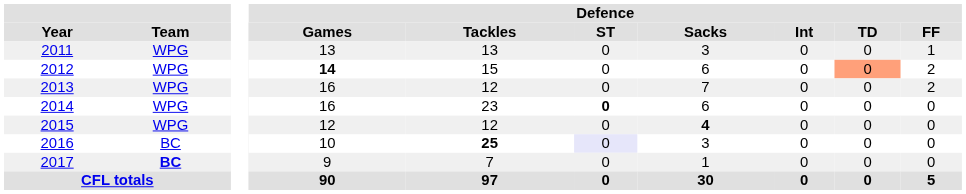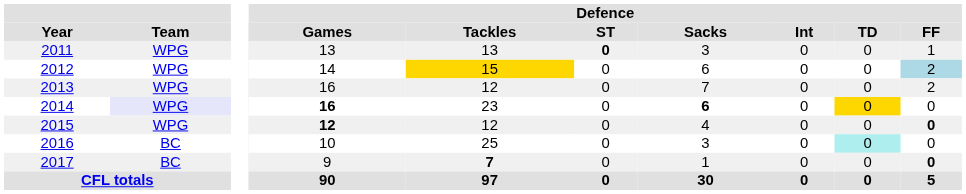 <table BORDER="0" CELLPADDING="1" CELLSPACING="0" width="65%" style="text-align:center">
 <tr bgcolor="#e0e0e0">
 <th colspan="2"></th>
 <th rowspan="100" bgcolor="#ffffff"> </th>
 <th colspan="7">Defence</th>
 </tr>
 <tr bgcolor="#e0e0e0">
 <th>Year</th>
 <th>Team</th>
 <th>Games</th>
 <th>Tackles</th>
 <th>ST</th>
 <th>Sacks</th>
 <th>Int</th>
 <th>TD</th>
 <th>FF</th>
 </tr>
 <tr ALIGN="center" bgcolor="#f0f0f0">
 <td><a href='#'>2011</a></td>
 <td><a href='#'>WPG</a></td>
 <td>13</td>
 <td>13</td>
-<td>0</td>
+<td><strong>0</strong></td>
 <td>3</td>
 <td>0</td>
 <td>0</td>
 <td>1</td>
 </tr>
 <tr>
 <td><a href='#'>2012</a></td>
 <td><a href='#'>WPG</a></td>
-<td><strong>14</strong></td>
-<td>15</td>
+<td>14</td>
+<td style="background: gold;">15</td>
 <td>0</td>
 <td>6</td>
 <td>0</td>
-<td style="background: lightsalmon;">0</td>
-<td>2</td>
+<td>0</td>
+<td style="background: lightblue;">2</td>
 </tr>
 <tr ALIGN="center" bgcolor="#f0f0f0">
 <td><a href='#'>2013</a></td>
 <td><a href='#'>WPG</a></td>
 <td>16</td>
 <td>12</td>
 <td>0</td>
 <td>7</td>
 <td>0</td>
 <td>0</td>
 <td>2</td>
 </tr>
 <tr>
 <td><a href='#'>2014</a></td>
-<td><a href='#'>WPG</a></td>
-<td>16</td>
+<td style="background: lavender;"><a href='#'>WPG</a></td>
+<td><strong>16</strong></td>
 <td>23</td>
-<td><strong>0</strong></td>
-<td>6</td>
 <td>0</td>
+<td><strong>6</strong></td>
 <td>0</td>
+<td style="background: gold;">0</td>
 <td>0</td>
 </tr>
 <tr ALIGN="center" bgcolor="#f0f0f0">
 <td><a href='#'>2015</a></td>
 <td><a href='#'>WPG</a></td>
-<td>12</td>
+<td><strong>12</strong></td>
 <td>12</td>
 <td>0</td>
-<td><strong>4</strong></td>
+<td>4</td>
 <td>0</td>
 <td>0</td>
-<td>0</td>
+<td><strong>0</strong></td>
 </tr>
 <tr>
 <td><a href='#'>2016</a></td>
 <td><a href='#'>BC</a></td>
 <td>10</td>
-<td><strong>25</strong></td>
-<td style="background: lavender;">0</td>
+<td>25</td>
+<td>0</td>
 <td>3</td>
 <td>0</td>
-<td>0</td>
+<td style="background: paleturquoise;">0</td>
 <td>0</td>
 </tr>
 <tr ALIGN="center" bgcolor="#f0f0f0">
 <td><a href='#'>2017</a></td>
-<td><strong><a href='#'>BC</a></strong></td>
+<td><a href='#'>BC</a></td>
 <td>9</td>
-<td>7</td>
+<td><strong>7</strong></td>
 <td>0</td>
 <td>1</td>
 <td>0</td>
 <td>0</td>
-<td>0</td>
+<td><strong>0</strong></td>
 </tr>
 <tr bgcolor="#e0e0e0">
 <th colspan="2"><a href='#'>CFL totals</a></th>
 <th>90</th>
 <th>97</th>
 <th>0</th>
 <th>30</th>
 <th>0</th>
 <th>0</th>
 <th>5</th>
 </tr>
 </table>
